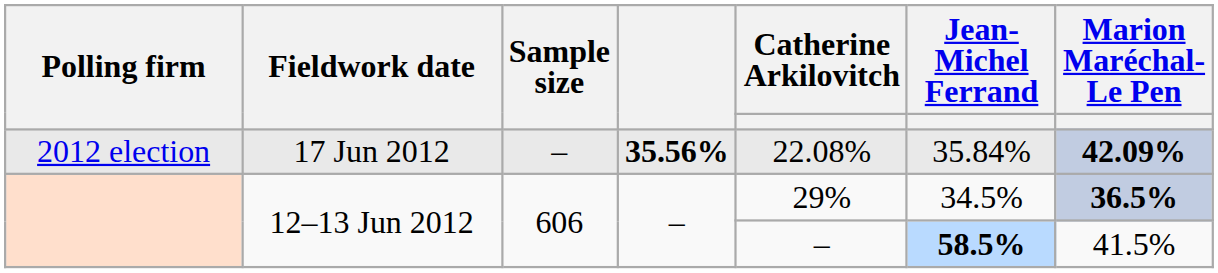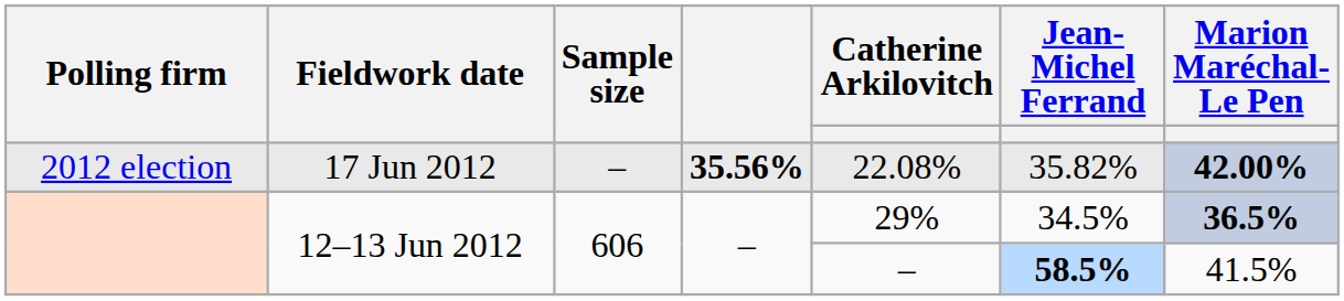 <table class="wikitable sortable" style="text-align:center;font-size:90%;line-height:14px;">
 <tr style="height:40px;">
 <th style="width:100px;" rowspan="2">Polling firm</th>
 <th style="width:110px;" rowspan="2">Fieldwork date</th>
 <th style="width:35px;" rowspan="2">Sample<br>size</th>
 <th style="width:30px;" rowspan="2"></th>
 <th class="unsortable" style="width:60px;">Catherine Arkilovitch<br></th>
 <th class="unsortable" style="width:60px;"><a href='#'>Jean-Michel Ferrand</a><br></th>
 <th class="unsortable" style="width:60px;"><a href='#'>Marion Maréchal-Le Pen</a><br></th>
 </tr>
 <tr>
 <th style="background:"></th>
 <th style="background:"></th>
 <th style="background:"></th>
 </tr>
 <tr style="background:#E9E9E9;">
 <td><a href='#'>2012 election</a></td>
 <td data-sort-value="2012-06-17">17 Jun 2012</td>
 <td>–</td>
 <td><strong>35.56%</strong></td>
 <td>22.08%</td>
-<td>35.84%</td>
-<td style="background:#C1CCE1;"><strong>42.09%</strong></td>
+<td>35.82%</td>
+<td style="background:#C1CCE1;"><strong>42.00%</strong></td>
 </tr>
 <tr>
 <td rowspan="2" style="background:#FFDFCC;"></td>
 <td rowspan="2" data-sort-value="2012-06-13">12–13 Jun 2012</td>
 <td rowspan="2">606</td>
 <td rowspan="2">–</td>
 <td>29%</td>
 <td>34.5%</td>
 <td style="background:#C1CCE1;"><strong>36.5%</strong></td>
 </tr>
 <tr>
 <td>–</td>
 <td style="background:#B9DAFF;"><strong>58.5%</strong></td>
 <td>41.5%</td>
 </tr>
 </table>
